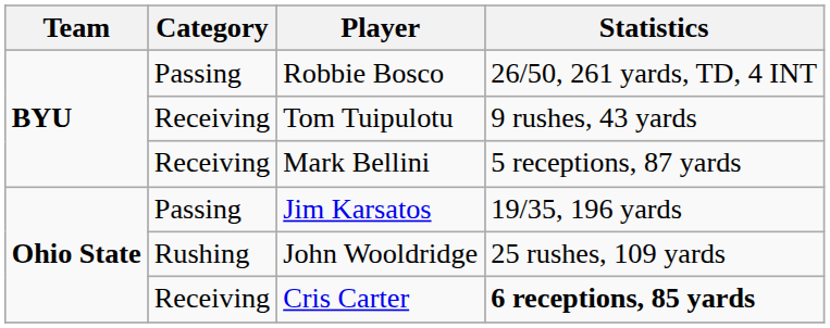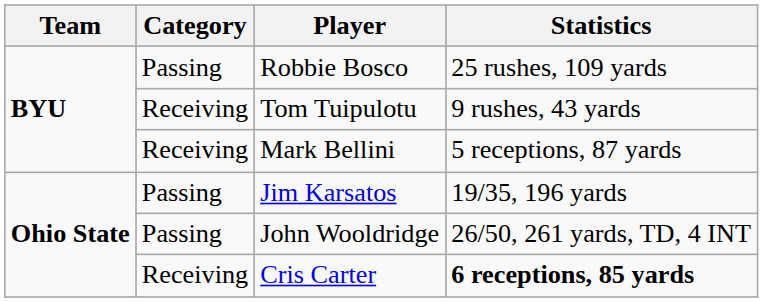 <table class="wikitable" style="float: left;">
 <tr>
 <th>Team</th>
 <th>Category</th>
 <th>Player</th>
 <th>Statistics</th>
 </tr>
 <tr>
 <td rowspan=3><strong>BYU</strong></td>
 <td>Passing</td>
 <td>Robbie Bosco</td>
-<td>26/50, 261 yards, TD, 4 INT</td>
+<td>25 rushes, 109 yards</td>
 </tr>
 <tr>
 <td>Receiving</td>
 <td>Tom Tuipulotu</td>
 <td>9 rushes, 43 yards</td>
 </tr>
 <tr>
 <td>Receiving</td>
 <td>Mark Bellini</td>
 <td>5 receptions, 87 yards</td>
 </tr>
 <tr>
 <td rowspan=3><strong>Ohio State</strong></td>
 <td>Passing</td>
 <td><a href='#'>Jim Karsatos</a></td>
 <td>19/35, 196 yards</td>
 </tr>
 <tr>
-<td>Rushing</td>
+<td>Passing</td>
 <td>John Wooldridge</td>
-<td>25 rushes, 109 yards</td>
+<td>26/50, 261 yards, TD, 4 INT</td>
 </tr>
 <tr>
 <td>Receiving</td>
 <td><a href='#'>Cris Carter</a></td>
 <td><strong>6 receptions, 85 yards</strong></td>
 </tr>
 </table>
